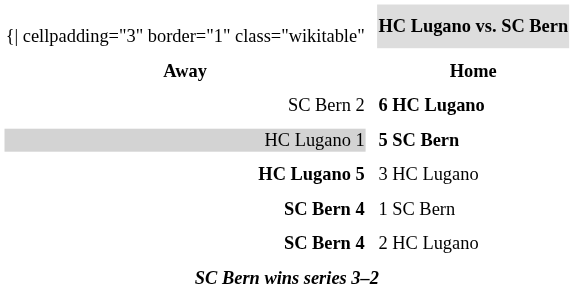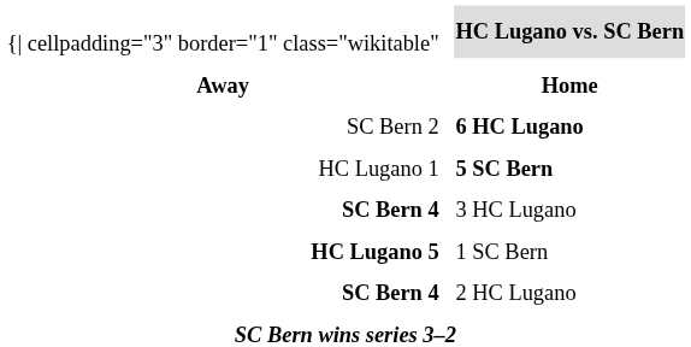 <table cellspacing="10">
 <tr>
 <td valign="top"><br>	{| cellpadding="3" border="1"  class="wikitable"</td>
 <th bgcolor="#DDDDDD" colspan="4">HC Lugano vs. SC Bern</th>
 </tr>
 <tr>
 <th>Away</th>
 <th>Home</th>
 </tr>
 <tr>
 <td align = "right">SC Bern 2</td>
 <td><strong>6 HC Lugano</strong></td>
 </tr>
 <tr>
-<td align = "right" style="background: lightgrey;">HC Lugano 1</td>
+<td align = "right">HC Lugano 1</td>
 <td><strong>5 SC Bern</strong></td>
 </tr>
 <tr>
-<td align = "right"><strong>HC Lugano 5</strong></td>
+<td align = "right"><strong>SC Bern 4</strong></td>
 <td>3 HC Lugano</td>
 </tr>
 <tr>
-<td align = "right"><strong>SC Bern 4</strong></td>
+<td align = "right"><strong>HC Lugano 5</strong></td>
 <td>1 SC Bern</td>
 </tr>
 <tr>
 <td align = "right"><strong>SC Bern 4</strong></td>
 <td>2 HC Lugano</td>
 </tr>
 <tr align="center">
 <td colspan="4"><strong><em>SC Bern wins series 3–2</em></strong></td>
 </tr>
 </table>
